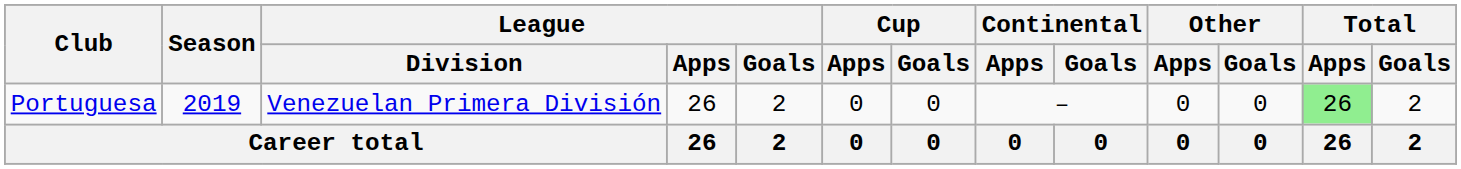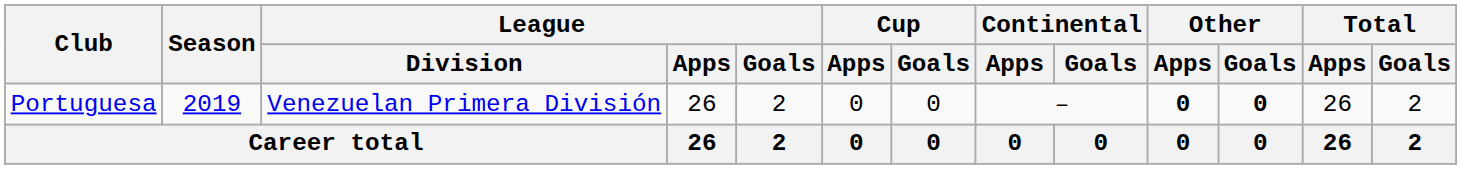 <table class="wikitable" style="text-align: center">
 <tr>
 <th rowspan="2">Club</th>
 <th rowspan="2">Season</th>
 <th colspan="3">League</th>
 <th colspan="2">Cup</th>
 <th colspan="2">Continental</th>
 <th colspan="2">Other</th>
 <th colspan="2">Total</th>
 </tr>
 <tr>
 <th>Division</th>
 <th>Apps</th>
 <th>Goals</th>
 <th>Apps</th>
 <th>Goals</th>
 <th>Apps</th>
 <th>Goals</th>
 <th>Apps</th>
 <th>Goals</th>
 <th>Apps</th>
 <th>Goals</th>
 </tr>
 <tr>
 <td><a href='#'>Portuguesa</a></td>
 <td><a href='#'>2019</a></td>
 <td><a href='#'>Venezuelan Primera División</a></td>
 <td>26</td>
 <td>2</td>
 <td>0</td>
 <td>0</td>
 <td colspan="2">–</td>
-<td>0</td>
-<td>0</td>
-<td style="background: lightgreen;">26</td>
+<td><strong>0</strong></td>
+<td><strong>0</strong></td>
+<td>26</td>
 <td>2</td>
 </tr>
 <tr>
 <th colspan="3"><strong>Career total</strong></th>
 <th>26</th>
 <th>2</th>
 <th>0</th>
 <th>0</th>
 <th>0</th>
 <th>0</th>
 <th>0</th>
 <th>0</th>
 <th>26</th>
 <th>2</th>
 </tr>
 </table>
